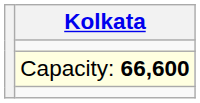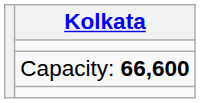 <table class="wikitable" style="text-align:center">
 <tr>
 <th rowspan="4"></th>
 <th><a href='#'>Kolkata</a></th>
 </tr>
 <tr>
 <td></td>
 </tr>
 <tr>
-<td style="background: lightyellow;">Capacity: <strong>66,600</strong></td>
+<td>Capacity: <strong>66,600</strong></td>
 </tr>
 <tr>
 <td></td>
 </tr>
 </table>
